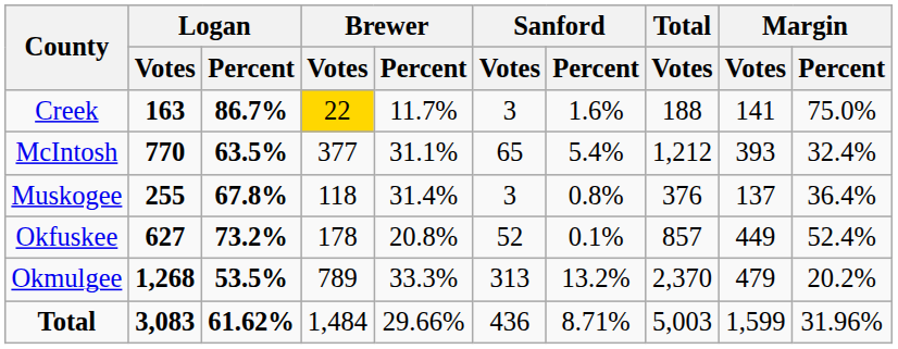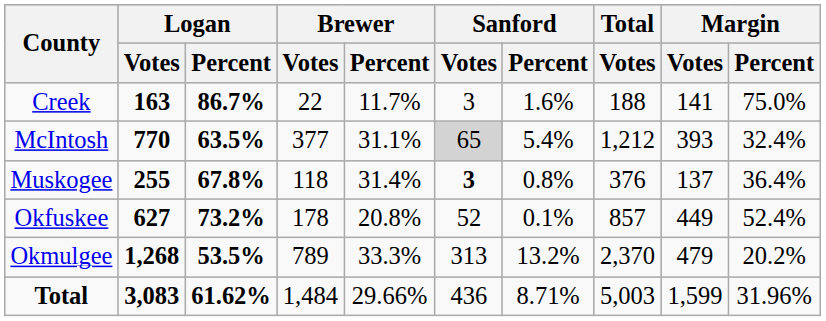 <table style="width:60%;" class="wikitable sortable">
 <tr style="background:lightgrey;">
 <th style="width:3%;" rowspan=2>County</th>
 <th style="width:2%;" colspan="2">Logan</th>
 <th style="width:2%;" colspan=2>Brewer</th>
 <th style="width:2%;" colspan=2>Sanford</th>
 <th>Total</th>
 <th colspan="2">Margin</th>
 </tr>
 <tr>
 <th>Votes</th>
 <th>Percent</th>
 <th>Votes</th>
 <th>Percent</th>
 <th>Votes</th>
 <th>Percent</th>
 <th>Votes</th>
 <th>Votes</th>
 <th>Percent</th>
 </tr>
 <tr style="text-align:center;"|>
 <td><a href='#'>Creek</a></td>
 <td><strong>163</strong></td>
 <td><strong>86.7%</strong></td>
-<td style="background: gold;">22</td>
+<td>22</td>
 <td>11.7%</td>
 <td>3</td>
 <td>1.6%</td>
 <td>188</td>
 <td>141</td>
 <td>75.0%</td>
 </tr>
 <tr style="text-align:center;"|>
 <td><a href='#'>McIntosh</a></td>
 <td><strong>770</strong></td>
 <td><strong>63.5%</strong></td>
 <td>377</td>
 <td>31.1%</td>
-<td>65</td>
+<td style="background: lightgrey;">65</td>
 <td>5.4%</td>
 <td>1,212</td>
 <td>393</td>
 <td>32.4%</td>
 </tr>
 <tr style="text-align:center;"|>
 <td><a href='#'>Muskogee</a></td>
 <td><strong>255</strong></td>
 <td><strong>67.8%</strong></td>
 <td>118</td>
 <td>31.4%</td>
-<td>3</td>
+<td><strong>3</strong></td>
 <td>0.8%</td>
 <td>376</td>
 <td>137</td>
 <td>36.4%</td>
 </tr>
 <tr style="text-align:center;"|>
 <td><a href='#'>Okfuskee</a></td>
 <td><strong>627</strong></td>
 <td><strong>73.2%</strong></td>
 <td>178</td>
 <td>20.8%</td>
 <td>52</td>
 <td>0.1%</td>
 <td>857</td>
 <td>449</td>
 <td>52.4%</td>
 </tr>
 <tr style="text-align:center;"|>
 <td><a href='#'>Okmulgee</a></td>
 <td><strong>1,268</strong></td>
 <td><strong>53.5%</strong></td>
 <td>789</td>
 <td>33.3%</td>
 <td>313</td>
 <td>13.2%</td>
 <td>2,370</td>
 <td>479</td>
 <td>20.2%</td>
 </tr>
 <tr style="text-align:center;"|>
 <td><strong>Total</strong></td>
 <td><strong>3,083</strong></td>
 <td><strong>61.62%</strong></td>
 <td>1,484</td>
 <td>29.66%</td>
 <td>436</td>
 <td>8.71%</td>
 <td>5,003</td>
 <td>1,599</td>
 <td>31.96%</td>
 </tr>
 </table>
